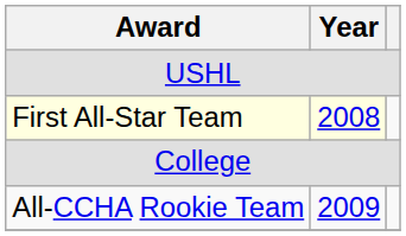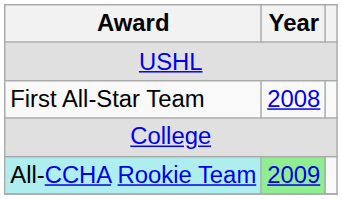 <table class="wikitable">
 <tr>
 <th>Award</th>
 <th>Year</th>
 <th></th>
 </tr>
 <tr ALIGN="center" bgcolor="#e0e0e0">
 <td colspan="3"><a href='#'>USHL</a></td>
 </tr>
 <tr>
-<td style="background: lightyellow;">First All-Star Team</td>
-<td style="background: lightyellow;"><a href='#'>2008</a></td>
+<td>First All-Star Team</td>
+<td><a href='#'>2008</a></td>
 <td></td>
 </tr>
 <tr ALIGN="center" bgcolor="#e0e0e0">
 <td colspan="3"><a href='#'>College</a></td>
 </tr>
 <tr>
-<td>All-<a href='#'>CCHA</a> <a href='#'>Rookie Team</a></td>
-<td><a href='#'>2009</a></td>
+<td style="background: paleturquoise;">All-<a href='#'>CCHA</a> <a href='#'>Rookie Team</a></td>
+<td style="background: lightgreen;"><a href='#'>2009</a></td>
 <td></td>
 </tr>
 <tr>
 </tr>
 </table>
